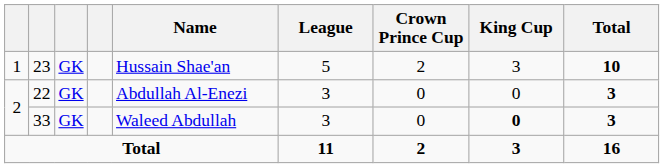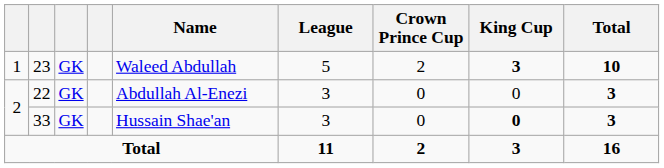 <table class="wikitable" style="text-align:center">
 <tr>
 <th width=15></th>
 <th width=15></th>
 <th width=15></th>
 <th width=15></th>
 <th width=145>Name</th>
 <th width=80>League</th>
 <th width=80>Crown Prince Cup</th>
 <th width=80>King Cup</th>
 <th width=80>Total</th>
 </tr>
 <tr>
 <td>1</td>
 <td>23</td>
 <td><a href='#'>GK</a></td>
 <td></td>
-<td align=left><a href='#'>Hussain Shae'an</a></td>
+<td align=left><a href='#'>Waleed Abdullah</a></td>
 <td>5</td>
 <td>2</td>
-<td>3</td>
+<td><strong>3</strong></td>
 <td><strong>10</strong></td>
 </tr>
 <tr>
 <td rowspan=2>2</td>
 <td>22</td>
 <td><a href='#'>GK</a></td>
 <td></td>
 <td align=left><a href='#'>Abdullah Al-Enezi</a></td>
 <td>3</td>
 <td>0</td>
 <td>0</td>
 <td><strong>3</strong></td>
 </tr>
 <tr>
 <td>33</td>
 <td><a href='#'>GK</a></td>
 <td></td>
-<td align=left><a href='#'>Waleed Abdullah</a></td>
+<td align=left><a href='#'>Hussain Shae'an</a></td>
 <td>3</td>
 <td>0</td>
 <td><strong>0</strong></td>
 <td><strong>3</strong></td>
 </tr>
 <tr>
 <td colspan=5><strong>Total</strong></td>
 <td><strong>11</strong></td>
 <td><strong>2</strong></td>
 <td><strong>3</strong></td>
 <td><strong>16</strong></td>
 </tr>
 </table>
